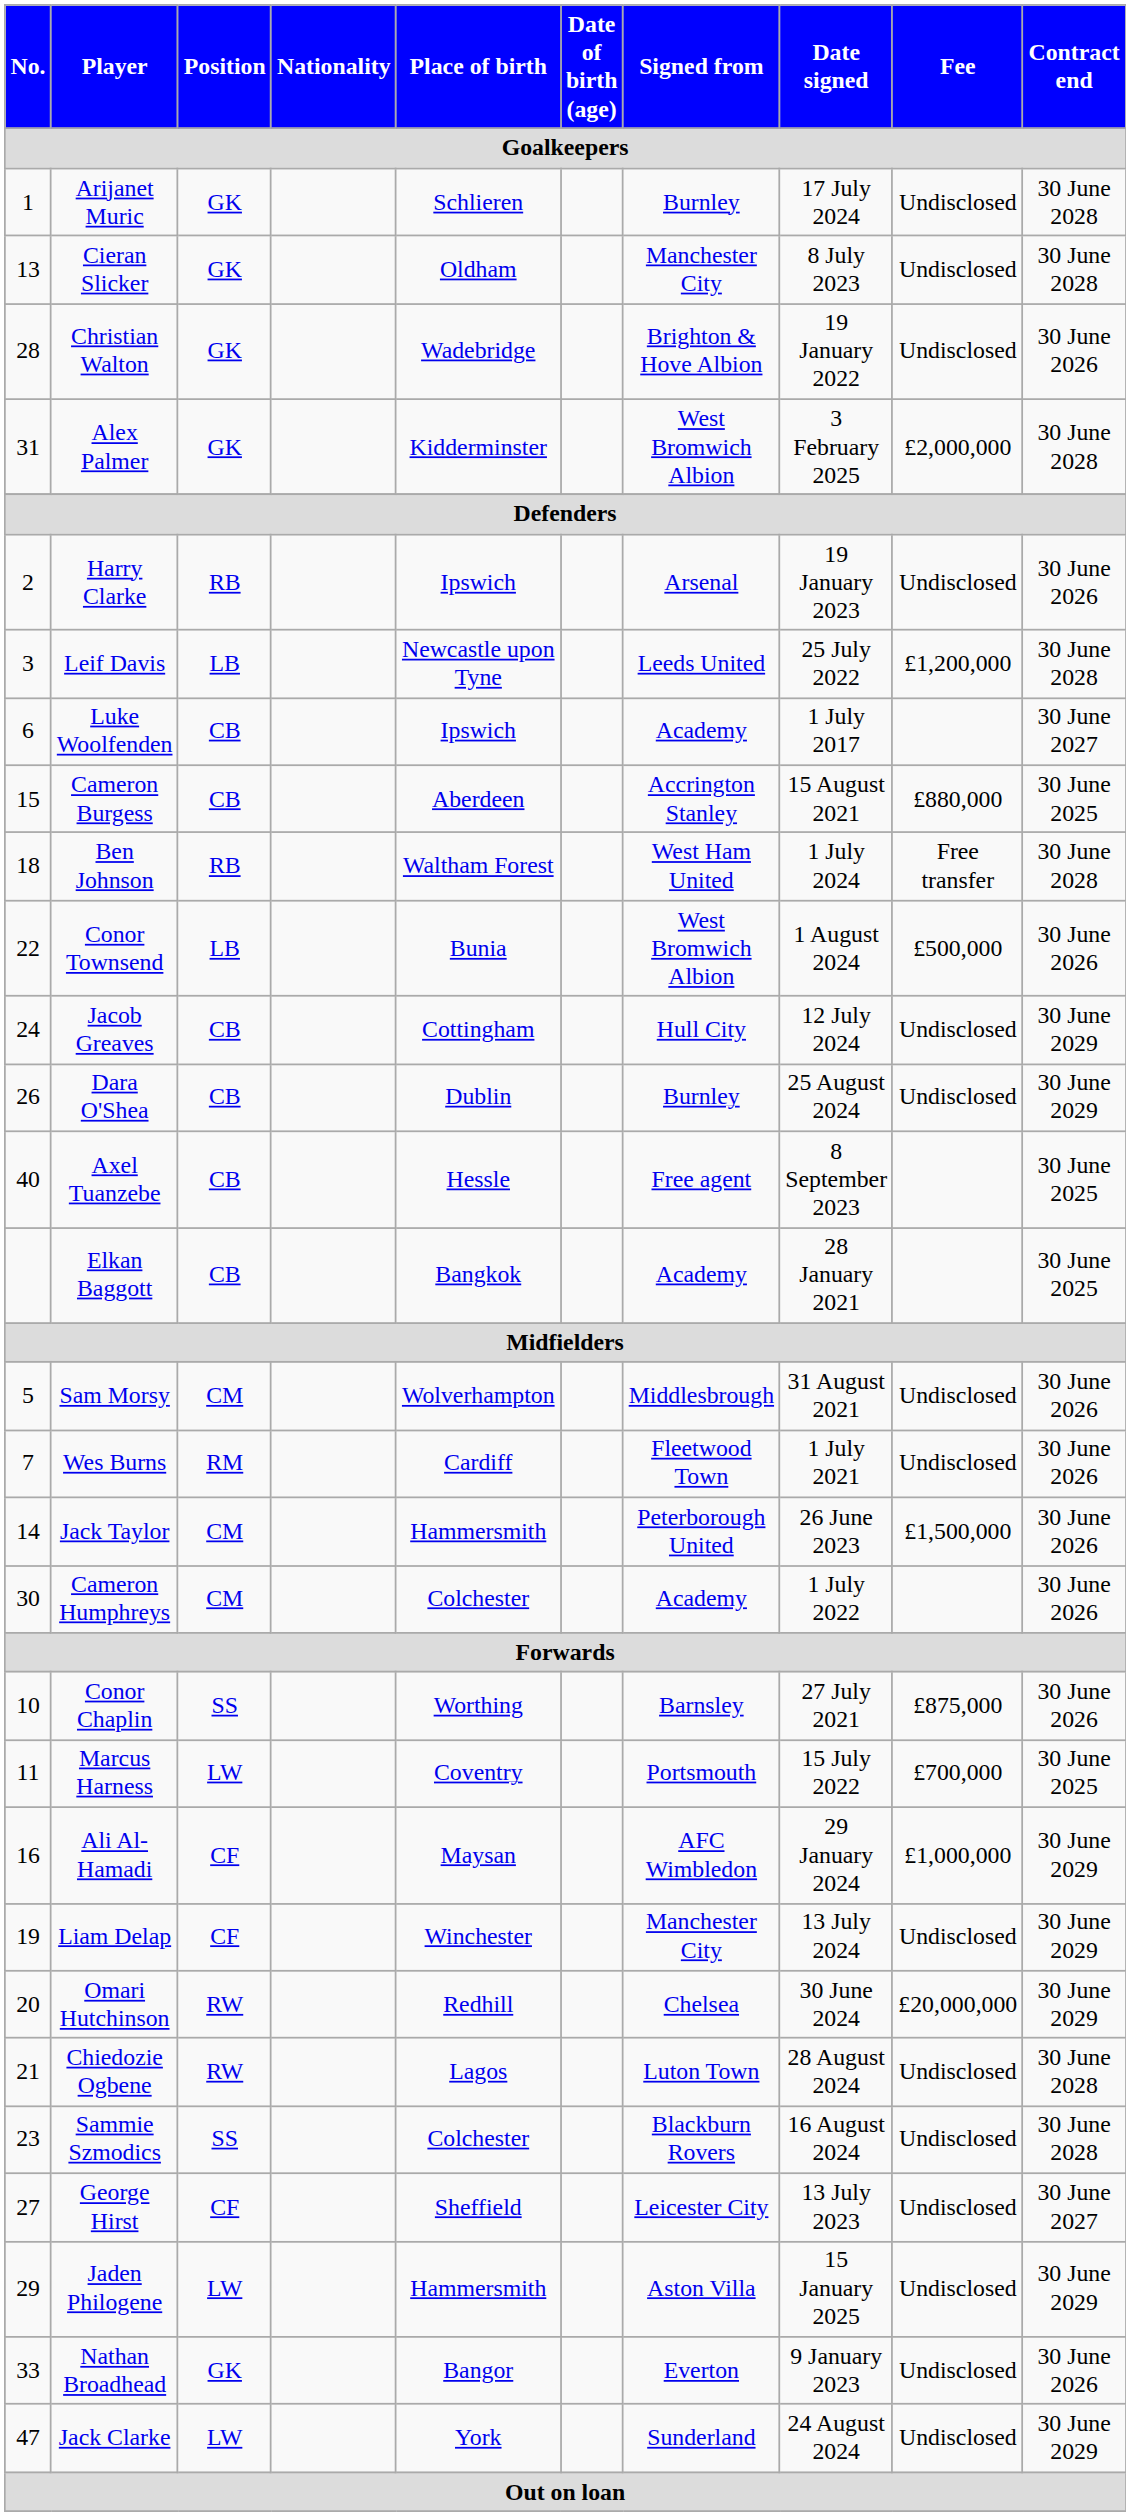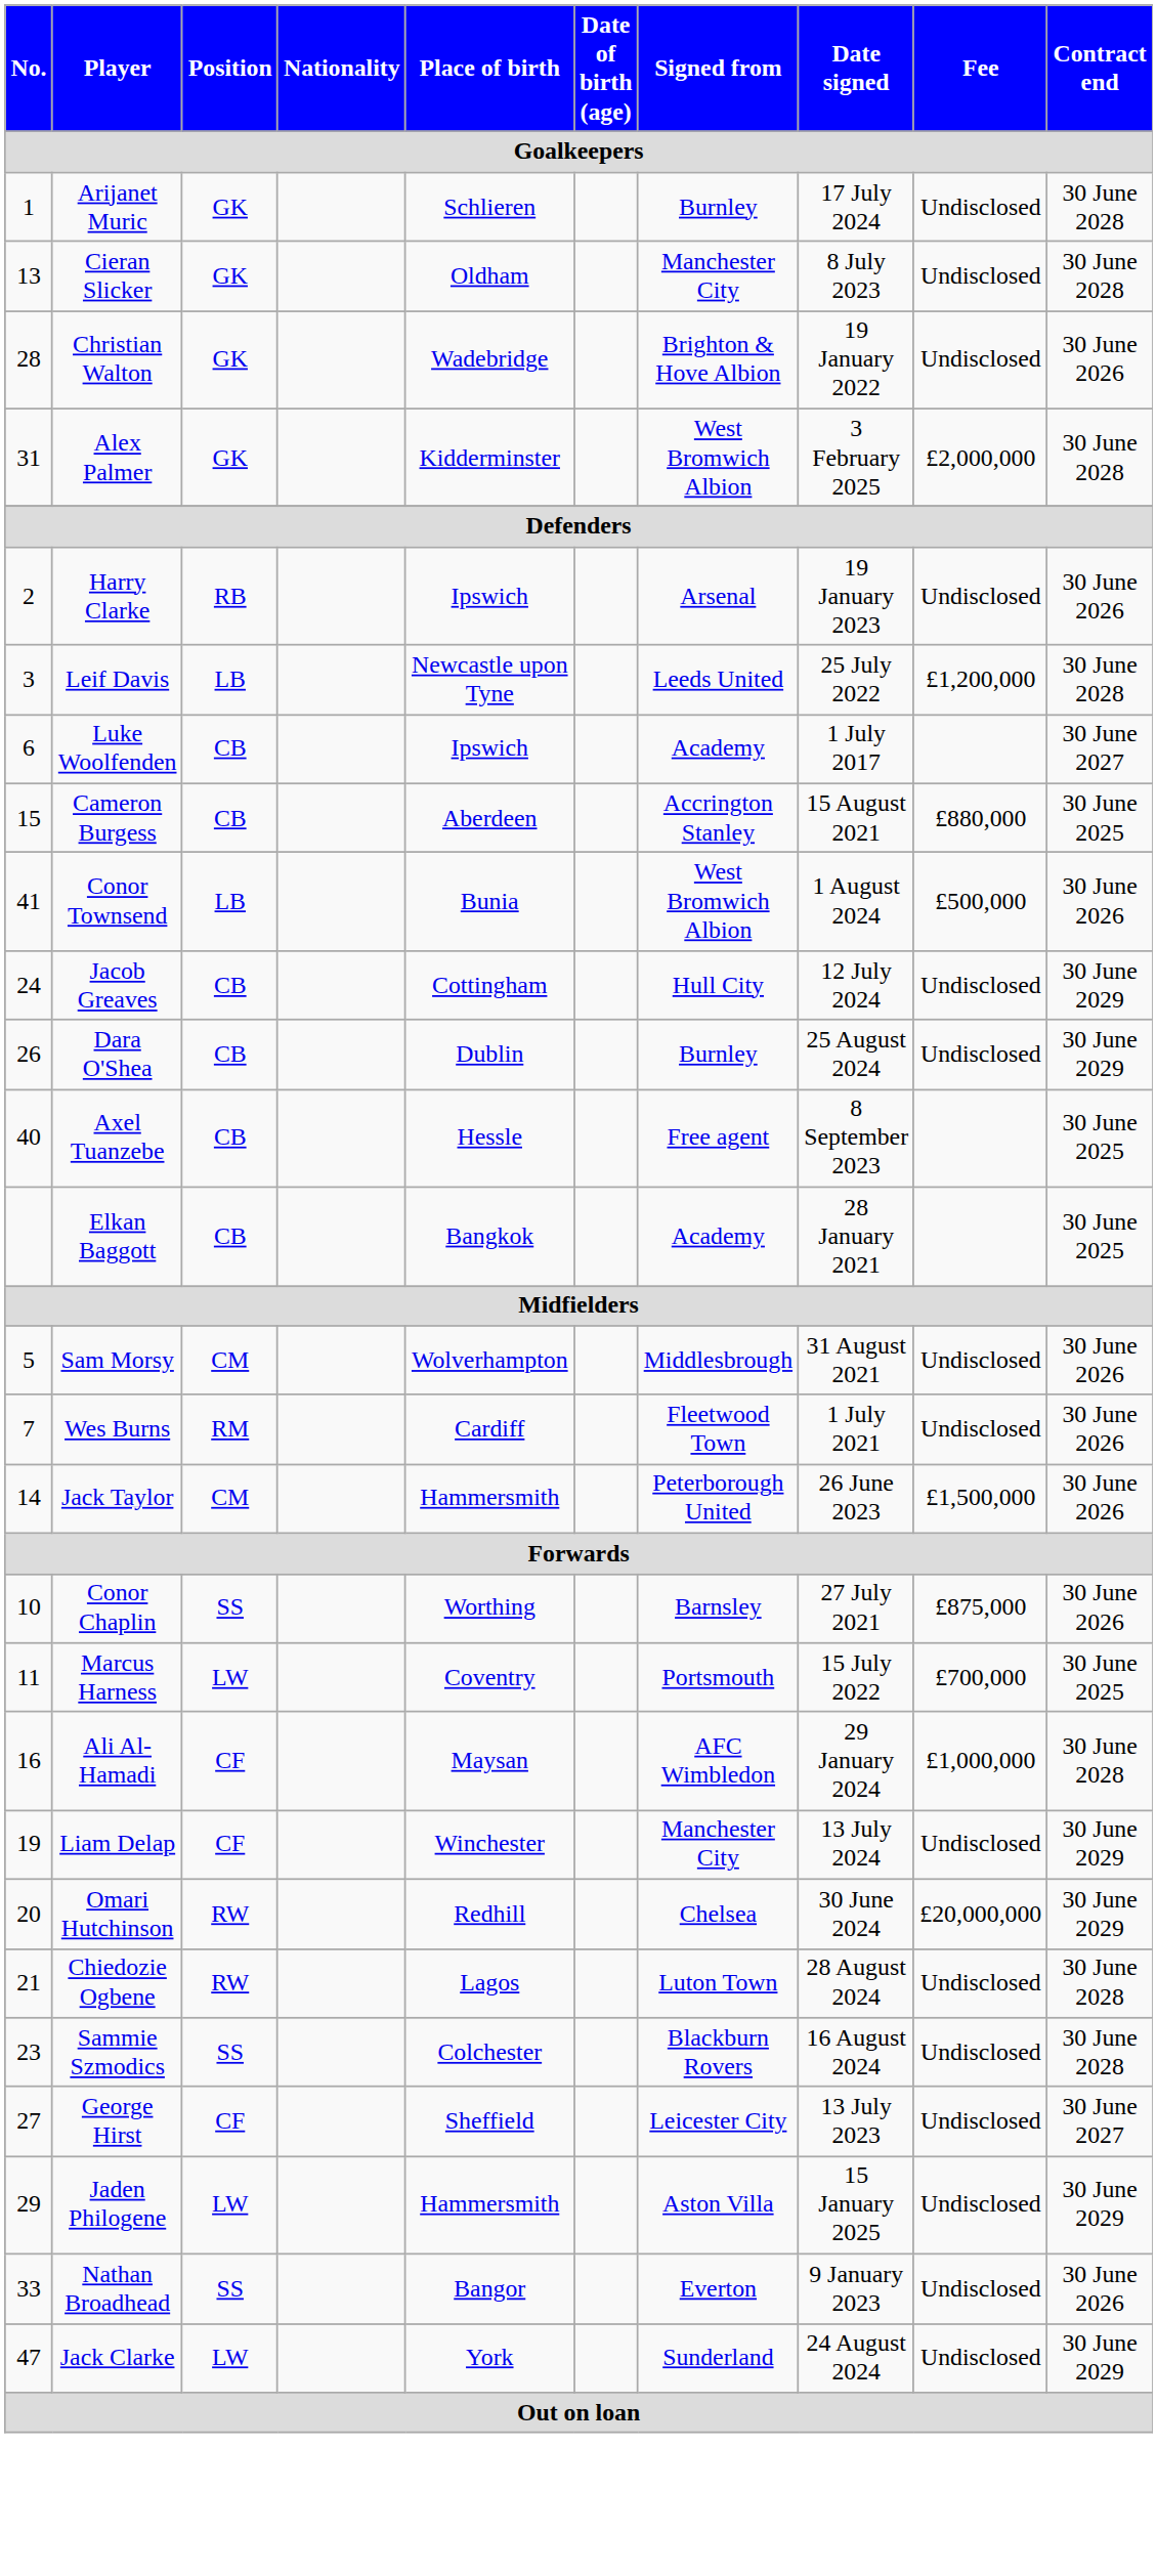 <table class="wikitable" style="text-align:center; font-size:84.5%; width:100%;">
 <tr>
 <th style="background:blue; color:white; text-align:center;">No.</th>
 <th style="background:blue; color:white; text-align:center;">Player</th>
 <th style="background:blue; color:white; text-align:center;">Position</th>
 <th style="background:blue; color:white; text-align:center;">Nationality</th>
 <th style="background:blue; color:white; text-align:center;">Place of birth</th>
 <th style="background:blue; color:white; text-align:center;">Date of birth (age)</th>
 <th style="background:blue; color:white; text-align:center;">Signed from</th>
 <th style="background:blue; color:white; text-align:center;">Date signed</th>
 <th style="background:blue; color:white; text-align:center;">Fee</th>
 <th style="background:blue; color:white; text-align:center;">Contract end</th>
 </tr>
 <tr>
 <th colspan="10" style="background:#dcdcdc; tepxt-align:center;">Goalkeepers</th>
 </tr>
 <tr>
 <td>1</td>
 <td><a href='#'>Arijanet Muric</a></td>
 <td><a href='#'>GK</a></td>
 <td></td>
 <td> <a href='#'>Schlieren</a></td>
 <td></td>
 <td><a href='#'>Burnley</a></td>
 <td>17 July 2024</td>
 <td>Undisclosed</td>
 <td>30 June 2028</td>
 </tr>
 <tr>
 <td>13</td>
 <td><a href='#'>Cieran Slicker</a></td>
 <td><a href='#'>GK</a></td>
 <td></td>
 <td> <a href='#'>Oldham</a></td>
 <td></td>
 <td><a href='#'>Manchester City</a></td>
 <td>8 July 2023</td>
 <td>Undisclosed</td>
 <td>30 June 2028</td>
 </tr>
 <tr>
 <td>28</td>
 <td><a href='#'>Christian Walton</a></td>
 <td><a href='#'>GK</a></td>
 <td></td>
 <td><a href='#'>Wadebridge</a></td>
 <td></td>
 <td><a href='#'>Brighton & Hove Albion</a></td>
 <td>19 January 2022</td>
 <td>Undisclosed</td>
 <td>30 June 2026</td>
 </tr>
 <tr>
 <td>31</td>
 <td><a href='#'>Alex Palmer</a></td>
 <td><a href='#'>GK</a></td>
 <td></td>
 <td><a href='#'>Kidderminster</a></td>
 <td></td>
 <td><a href='#'>West Bromwich Albion</a></td>
 <td>3 February 2025</td>
 <td>£2,000,000</td>
 <td>30 June 2028</td>
 </tr>
 <tr>
 </tr>
 <tr>
 <th colspan="10" style="background:#dcdcdc; tepxt-align:center;">Defenders</th>
 </tr>
 <tr>
 <td>2</td>
 <td><a href='#'>Harry Clarke</a></td>
 <td><a href='#'>RB</a></td>
 <td></td>
 <td><a href='#'>Ipswich</a></td>
 <td></td>
 <td><a href='#'>Arsenal</a></td>
 <td>19 January 2023</td>
 <td>Undisclosed</td>
 <td>30 June 2026</td>
 </tr>
 <tr>
 <td>3</td>
 <td><a href='#'>Leif Davis</a></td>
 <td><a href='#'>LB</a></td>
 <td></td>
 <td><a href='#'>Newcastle upon Tyne</a></td>
 <td></td>
 <td><a href='#'>Leeds United</a></td>
 <td>25 July 2022</td>
 <td>£1,200,000</td>
 <td>30 June 2028</td>
 </tr>
 <tr>
 <td>6</td>
 <td><a href='#'>Luke Woolfenden</a></td>
 <td><a href='#'>CB</a></td>
 <td></td>
 <td><a href='#'>Ipswich</a></td>
 <td></td>
 <td><a href='#'>Academy</a></td>
 <td>1 July 2017</td>
 <td></td>
 <td>30 June 2027</td>
 </tr>
 <tr>
 <td>15</td>
 <td><a href='#'>Cameron Burgess</a></td>
 <td><a href='#'>CB</a></td>
 <td></td>
 <td> <a href='#'>Aberdeen</a></td>
 <td></td>
 <td><a href='#'>Accrington Stanley</a></td>
 <td>15 August 2021</td>
 <td>£880,000</td>
 <td>30 June 2025</td>
 </tr>
 <tr>
-<td>18</td>
-<td><a href='#'>Ben Johnson</a></td>
-<td><a href='#'>RB</a></td>
-<td></td>
-<td><a href='#'>Waltham Forest</a></td>
-<td></td>
-<td><a href='#'>West Ham United</a></td>
-<td>1 July 2024</td>
-<td>Free transfer</td>
-<td>30 June 2028</td>
-</tr>
-<tr>
-<td>22</td>
+<td>41</td>
 <td><a href='#'>Conor Townsend</a></td>
 <td><a href='#'>LB</a></td>
 <td></td>
 <td><a href='#'>Bunia</a></td>
 <td></td>
 <td><a href='#'>West Bromwich Albion</a></td>
 <td>1 August 2024</td>
 <td>£500,000</td>
 <td>30 June 2026</td>
 </tr>
 <tr>
 <td>24</td>
 <td><a href='#'>Jacob Greaves</a></td>
 <td><a href='#'>CB</a></td>
 <td></td>
 <td><a href='#'>Cottingham</a></td>
 <td></td>
 <td><a href='#'>Hull City</a></td>
 <td>12 July 2024</td>
 <td>Undisclosed</td>
 <td>30 June 2029</td>
 </tr>
 <tr>
 <td>26</td>
 <td><a href='#'>Dara O'Shea</a></td>
 <td><a href='#'>CB</a></td>
 <td></td>
 <td><a href='#'>Dublin</a></td>
 <td></td>
 <td><a href='#'>Burnley</a></td>
 <td>25 August 2024</td>
 <td>Undisclosed</td>
 <td>30 June 2029</td>
 </tr>
 <tr>
 <td>40</td>
 <td><a href='#'>Axel Tuanzebe</a></td>
 <td><a href='#'>CB</a></td>
 <td></td>
 <td><a href='#'>Hessle</a></td>
 <td></td>
 <td><a href='#'>Free agent</a></td>
 <td>8 September 2023</td>
 <td></td>
 <td>30 June 2025</td>
 </tr>
 <tr>
 <td></td>
 <td><a href='#'>Elkan Baggott</a></td>
 <td><a href='#'>CB</a></td>
 <td></td>
 <td> <a href='#'>Bangkok</a></td>
 <td></td>
 <td><a href='#'>Academy</a></td>
 <td>28 January 2021</td>
 <td></td>
 <td>30 June 2025</td>
 </tr>
 <tr>
 <th colspan="10" style="background:#dcdcdc; tepxt-align:center;">Midfielders</th>
 </tr>
 <tr>
 <td>5</td>
 <td><a href='#'>Sam Morsy</a></td>
 <td><a href='#'>CM</a></td>
 <td></td>
 <td> <a href='#'>Wolverhampton</a></td>
 <td></td>
 <td><a href='#'>Middlesbrough</a></td>
 <td>31 August 2021</td>
 <td>Undisclosed</td>
 <td>30 June 2026</td>
 </tr>
 <tr>
 <td>7</td>
 <td><a href='#'>Wes Burns</a></td>
 <td><a href='#'>RM</a></td>
 <td></td>
 <td><a href='#'>Cardiff</a></td>
 <td></td>
 <td><a href='#'>Fleetwood Town</a></td>
 <td>1 July 2021</td>
 <td>Undisclosed</td>
 <td>30 June 2026</td>
 </tr>
 <tr>
 <td>14</td>
 <td><a href='#'>Jack Taylor</a></td>
 <td><a href='#'>CM</a></td>
 <td></td>
 <td> <a href='#'>Hammersmith</a></td>
 <td></td>
 <td><a href='#'>Peterborough United</a></td>
 <td>26 June 2023</td>
 <td>£1,500,000</td>
 <td>30 June 2026</td>
 </tr>
 <tr>
-<td>30</td>
-<td><a href='#'>Cameron Humphreys</a></td>
-<td><a href='#'>CM</a></td>
-<td></td>
-<td><a href='#'>Colchester</a></td>
-<td></td>
-<td><a href='#'>Academy</a></td>
-<td>1 July 2022</td>
-<td></td>
-<td>30 June 2026</td>
-</tr>
-<tr>
 <th colspan="10" style="background:#dcdcdc; tepxt-align:center;">Forwards</th>
 </tr>
 <tr>
 <td>10</td>
 <td><a href='#'>Conor Chaplin</a></td>
 <td><a href='#'>SS</a></td>
 <td></td>
 <td><a href='#'>Worthing</a></td>
 <td></td>
 <td><a href='#'>Barnsley</a></td>
 <td>27 July 2021</td>
 <td>£875,000</td>
 <td>30 June 2026</td>
 </tr>
 <tr>
 <td>11</td>
 <td><a href='#'>Marcus Harness</a></td>
 <td><a href='#'>LW</a></td>
 <td></td>
 <td> <a href='#'>Coventry</a></td>
 <td></td>
 <td><a href='#'>Portsmouth</a></td>
 <td>15 July 2022</td>
 <td>£700,000</td>
 <td>30 June 2025</td>
 </tr>
 <tr>
 <td>16</td>
 <td><a href='#'>Ali Al-Hamadi</a></td>
 <td><a href='#'>CF</a></td>
 <td></td>
 <td><a href='#'>Maysan</a></td>
 <td></td>
 <td><a href='#'>AFC Wimbledon</a></td>
 <td>29 January 2024</td>
 <td>£1,000,000</td>
-<td>30 June 2029</td>
+<td>30 June 2028</td>
 </tr>
 <tr>
 <td>19</td>
 <td><a href='#'>Liam Delap</a></td>
 <td><a href='#'>CF</a></td>
 <td></td>
 <td><a href='#'>Winchester</a></td>
 <td></td>
 <td><a href='#'>Manchester City</a></td>
 <td>13 July 2024</td>
 <td>Undisclosed</td>
 <td>30 June 2029</td>
 </tr>
 <tr>
 <td>20</td>
 <td><a href='#'>Omari Hutchinson</a></td>
 <td><a href='#'>RW</a></td>
 <td></td>
 <td><a href='#'>Redhill</a></td>
 <td></td>
 <td><a href='#'>Chelsea</a></td>
 <td>30 June 2024</td>
 <td>£20,000,000</td>
 <td>30 June 2029</td>
 </tr>
 <tr>
 <td>21</td>
 <td><a href='#'>Chiedozie Ogbene</a></td>
 <td><a href='#'>RW</a></td>
 <td></td>
 <td> <a href='#'>Lagos</a></td>
 <td></td>
 <td><a href='#'>Luton Town</a></td>
 <td>28 August 2024</td>
 <td>Undisclosed</td>
 <td>30 June 2028</td>
 </tr>
 <tr>
 <td>23</td>
 <td><a href='#'>Sammie Szmodics</a></td>
 <td><a href='#'>SS</a></td>
 <td></td>
 <td> <a href='#'>Colchester</a></td>
 <td></td>
 <td><a href='#'>Blackburn Rovers</a></td>
 <td>16 August 2024</td>
 <td>Undisclosed</td>
 <td>30 June 2028</td>
 </tr>
 <tr>
 <td>27</td>
 <td><a href='#'>George Hirst</a></td>
 <td><a href='#'>CF</a></td>
 <td></td>
 <td> <a href='#'>Sheffield</a></td>
 <td></td>
 <td><a href='#'>Leicester City</a></td>
 <td>13 July 2023</td>
 <td>Undisclosed</td>
 <td>30 June 2027</td>
 </tr>
 <tr>
 <td>29</td>
 <td><a href='#'>Jaden Philogene</a></td>
 <td><a href='#'>LW</a></td>
 <td></td>
 <td><a href='#'>Hammersmith</a></td>
 <td></td>
 <td><a href='#'>Aston Villa</a></td>
 <td>15 January 2025</td>
 <td>Undisclosed</td>
 <td>30 June 2029</td>
 </tr>
 <tr>
 <td>33</td>
 <td><a href='#'>Nathan Broadhead</a></td>
-<td><a href='#'>GK</a></td>
+<td><a href='#'>SS</a></td>
 <td></td>
 <td><a href='#'>Bangor</a></td>
 <td></td>
 <td><a href='#'>Everton</a></td>
 <td>9 January 2023</td>
 <td>Undisclosed</td>
 <td>30 June 2026</td>
 </tr>
 <tr>
 <td>47</td>
 <td><a href='#'>Jack Clarke</a></td>
 <td><a href='#'>LW</a></td>
 <td></td>
 <td><a href='#'>York</a></td>
 <td></td>
 <td><a href='#'>Sunderland</a></td>
 <td>24 August 2024</td>
 <td>Undisclosed</td>
 <td>30 June 2029</td>
 </tr>
 <tr>
 <th colspan="10" style="background:#dcdcdc; tepxt-align:center;">Out on loan</th>
 </tr>
 </table>
